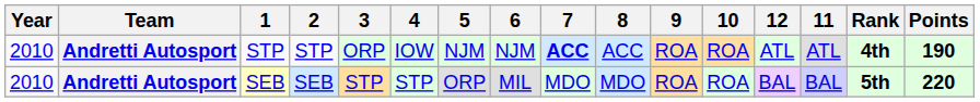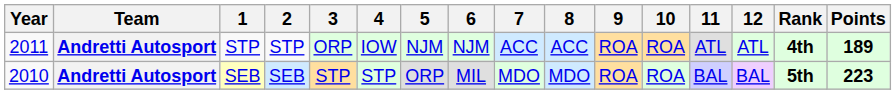 <table class="wikitable" style="text-align:center; font-size:85%">
 <tr>
 <th>Year</th>
 <th>Team</th>
 <th>1</th>
 <th>2</th>
 <th>3</th>
 <th>4</th>
 <th>5</th>
 <th>6</th>
 <th>7</th>
 <th>8</th>
 <th>9</th>
 <th>10</th>
+<th>11</th>
 <th>12</th>
-<th>11</th>
 <th>Rank</th>
 <th>Points</th>
 </tr>
 <tr>
-<td><a href='#'>2010</a></td>
+<td><a href='#'>2011</a></td>
 <th nowrap><a href='#'>Andretti Autosport</a></th>
 <td><a href='#'>STP</a></td>
 <td><a href='#'>STP</a></td>
 <td style="background:#DFFFDF;"><a href='#'>ORP</a><br></td>
 <td style="background:#DFFFDF;"><a href='#'>IOW</a><br></td>
 <td style="background:#DFFFDF;"><a href='#'>NJM</a><br></td>
 <td style="background:#DFFFDF;"><a href='#'>NJM</a><br></td>
-<td style="background:#CFEAFF;"><strong><a href='#'>ACC</a><br></strong></td>
+<td style="background:#CFEAFF;"><a href='#'>ACC</a><br></td>
 <td style="background:#CFEAFF;"><a href='#'>ACC</a><br></td>
 <td style="background:#FFDF9F;"><a href='#'>ROA</a><br></td>
 <td style="background:#FFDF9F;"><a href='#'>ROA</a><br></td>
+<td style="background:#DFDFDF;"><a href='#'>ATL</a><br></td>
 <td style="background:#DFFFDF;"><a href='#'>ATL</a><br></td>
-<td style="background:#DFDFDF;"><a href='#'>ATL</a><br></td>
 <td style="background:#DFFFDF;"><strong>4th</strong></td>
-<td style="background:#DFFFDF;"><strong>190</strong></td>
+<td style="background:#DFFFDF;"><strong>189</strong></td>
 </tr>
 <tr>
 <td><a href='#'>2010</a></td>
 <th nowrap><a href='#'>Andretti Autosport</a></th>
 <td style="background:#FFFFBF;"><a href='#'>SEB</a><br></td>
 <td style="background:#CFEAFF;"><a href='#'>SEB</a><br></td>
 <td style="background:#FFDF9F;"><a href='#'>STP</a><br></td>
 <td style="background:#DFFFDF;"><a href='#'>STP</a><br></td>
 <td style="background:#DFDFDF;"><a href='#'>ORP</a><br></td>
 <td style="background:#DFDFDF;"><a href='#'>MIL</a><br></td>
 <td style="background:#DFFFDF;"><a href='#'>MDO</a><br></td>
 <td style="background:#CFEAFF;"><a href='#'>MDO</a><br></td>
 <td style="background:#FFDF9F;"><a href='#'>ROA</a><br></td>
 <td style="background:#DFFFDF;"><a href='#'>ROA</a><br></td>
+<td style="background:#CFCFFF;"><a href='#'>BAL</a><br></td>
 <td style="background:#EFCFFF;"><a href='#'>BAL</a><br></td>
-<td style="background:#CFCFFF;"><a href='#'>BAL</a><br></td>
 <td style="background:#DFFFDF;"><strong>5th</strong></td>
-<td style="background:#DFFFDF;"><strong>220</strong></td>
+<td style="background:#DFFFDF;"><strong>223</strong></td>
 </tr>
 </table>
